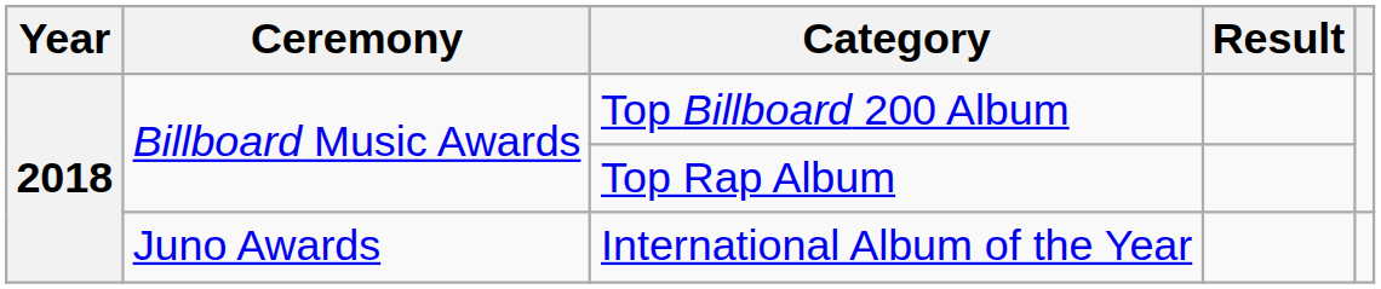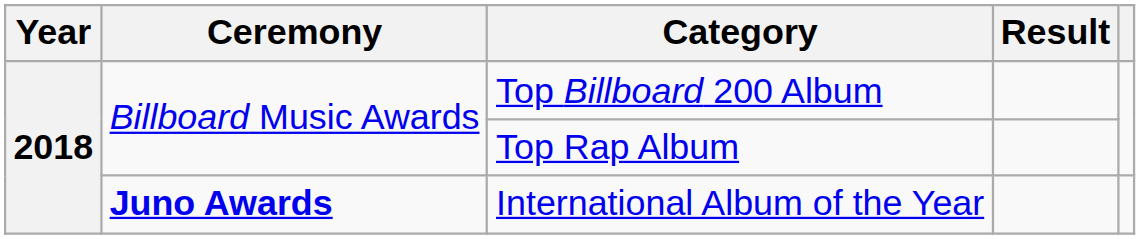 <table class="wikitable sortable plainrowheaders" style="border:none; margin:0;">
 <tr>
 <th scope="col">Year</th>
 <th scope="col">Ceremony</th>
 <th scope="col">Category</th>
 <th scope="col">Result</th>
 <th scope="col" class="unsortable"></th>
 </tr>
 <tr>
 <th scope="row" rowspan="3">2018</th>
 <td rowspan="2"><a href='#'><em>Billboard</em> Music Awards</a></td>
 <td><a href='#'>Top <em>Billboard</em> 200 Album</a></td>
 <td></td>
 <td rowspan="2"></td>
 </tr>
 <tr>
 <td><a href='#'>Top Rap Album</a></td>
 <td></td>
 </tr>
 <tr>
-<td><a href='#'>Juno Awards</a></td>
+<td><strong><a href='#'>Juno Awards</a></strong></td>
 <td><a href='#'>International Album of the Year</a></td>
 <td></td>
 <td></td>
 </tr>
 </table>
